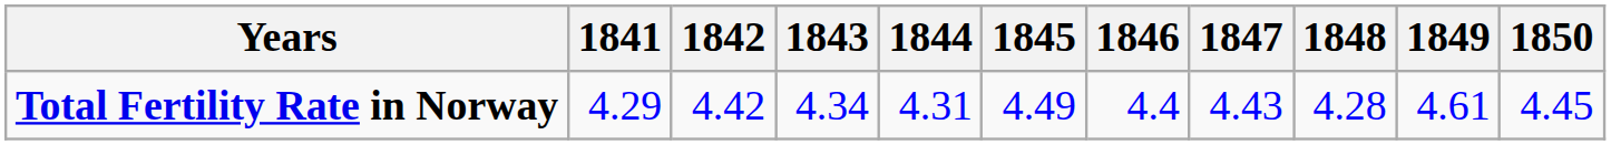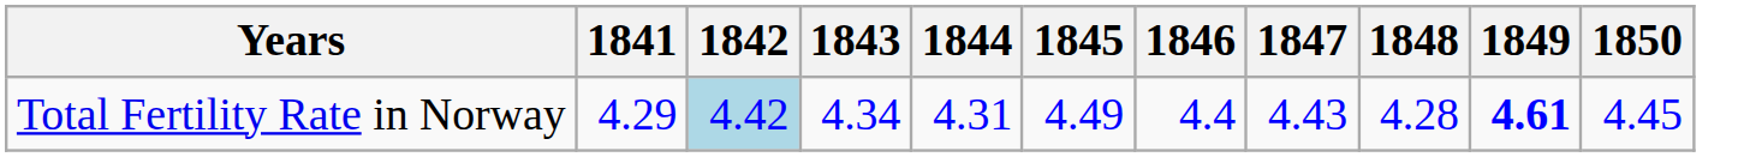 <table class="wikitable " style="text-align:right">
 <tr>
 <th>Years</th>
 <th>1841</th>
 <th>1842</th>
 <th>1843</th>
 <th>1844</th>
 <th>1845</th>
 <th>1846</th>
 <th>1847</th>
 <th>1848</th>
 <th>1849</th>
 <th>1850</th>
 </tr>
 <tr>
-<td align="left"><strong><a href='#'>Total Fertility Rate</a> in Norway</strong></td>
+<td align="left"><a href='#'>Total Fertility Rate</a> in Norway</td>
 <td style="text-align:right; color:blue;">4.29</td>
-<td style="text-align:right; color:blue;">4.42</td>
+<td style="background: lightblue; text-align:right; color:blue;">4.42</td>
 <td style="text-align:right; color:blue;">4.34</td>
 <td style="text-align:right; color:blue;">4.31</td>
 <td style="text-align:right; color:blue;">4.49</td>
 <td style="text-align:right; color:blue;">4.4</td>
 <td style="text-align:right; color:blue;">4.43</td>
 <td style="text-align:right; color:blue;">4.28</td>
-<td style="text-align:right; color:blue;">4.61</td>
+<td style="text-align:right; color:blue;"><strong>4.61</strong></td>
 <td style="text-align:right; color:blue;">4.45</td>
 </tr>
 </table>
